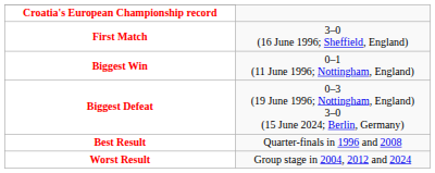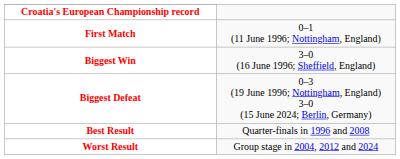 <table class="wikitable collapsible collapsed" style="width:50%; text-align:center">
 <tr>
 </tr>
 <tr>
 <th style="background:white; color:red; ">Croatia's European Championship record</th>
 </tr>
 <tr>
 <th style="background:white; color:red; ">First Match</th>
-<td> 3–0 <br>(16 June 1996; <a href='#'>Sheffield</a>, England)</td>
+<td> 0–1 <br>(11 June 1996; <a href='#'>Nottingham</a>, England)</td>
 </tr>
 <tr>
 <th style="background:white; color:red; ">Biggest Win</th>
-<td> 0–1 <br>(11 June 1996; <a href='#'>Nottingham</a>, England)</td>
+<td> 3–0 <br>(16 June 1996; <a href='#'>Sheffield</a>, England)</td>
 </tr>
 <tr>
 <th style="background:white; color:red; ">Biggest Defeat</th>
 <td> 0–3 <br>(19 June 1996; <a href='#'>Nottingham</a>, England)<br> 3–0 <br>(15 June 2024; <a href='#'>Berlin</a>, Germany)</td>
 </tr>
 <tr>
 <th style="background:white; color:red; ">Best Result</th>
 <td>Quarter-finals in <a href='#'>1996</a> and <a href='#'>2008</a></td>
 </tr>
 <tr>
 <th style="background:white; color:red; ">Worst Result</th>
 <td>Group stage in <a href='#'>2004</a>, <a href='#'>2012</a> and <a href='#'>2024</a></td>
 </tr>
 </table>
